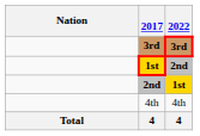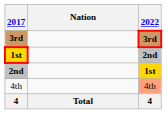 <table class="wikitable" style="text-align:center; font-size:90%">
 <tr>
+<th><br><a href='#'>2017</a></th>
 <th width=170>Nation</th>
-<th><br><a href='#'>2017</a></th>
 <th><br><a href='#'>2022</a></th>
 </tr>
 <tr>
+<td bgcolor=#cc9966><strong>3rd</strong></td>
 <td align=left></td>
-<td bgcolor=#cc9966><strong>3rd</strong></td>
 <td style="border: 3px solid red" bgcolor=#cc9966><strong>3rd</strong></td>
 </tr>
 <tr>
+<td style="border: 3px solid red" bgcolor=gold><strong>1st</strong></td>
 <td align=left></td>
-<td style="border: 3px solid red" bgcolor=gold><strong>1st</strong></td>
 <td bgcolor=silver><strong>2nd</strong></td>
 </tr>
 <tr>
+<td bgcolor=silver><strong>2nd</strong></td>
 <td align=left></td>
-<td bgcolor=silver><strong>2nd</strong></td>
 <td bgcolor=gold><strong>1st</strong></td>
 </tr>
 <tr>
+<td>4th</td>
 <td align=left></td>
-<td>4th</td>
-<td>4th</td>
+<td style="background: lightsalmon;">4th</td>
 </tr>
 <tr>
+<th>4</th>
 <th>Total</th>
-<th>4</th>
 <th>4</th>
 </tr>
 </table>
